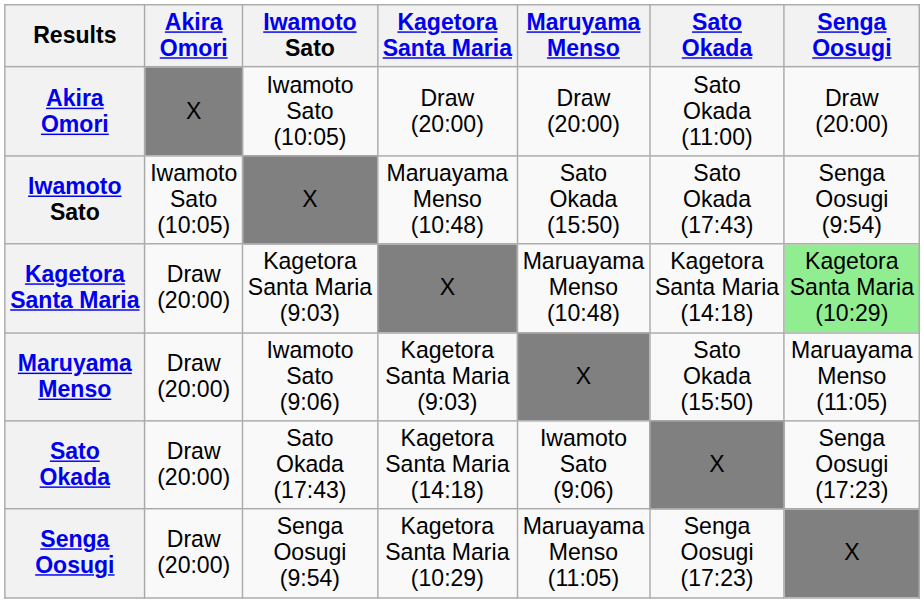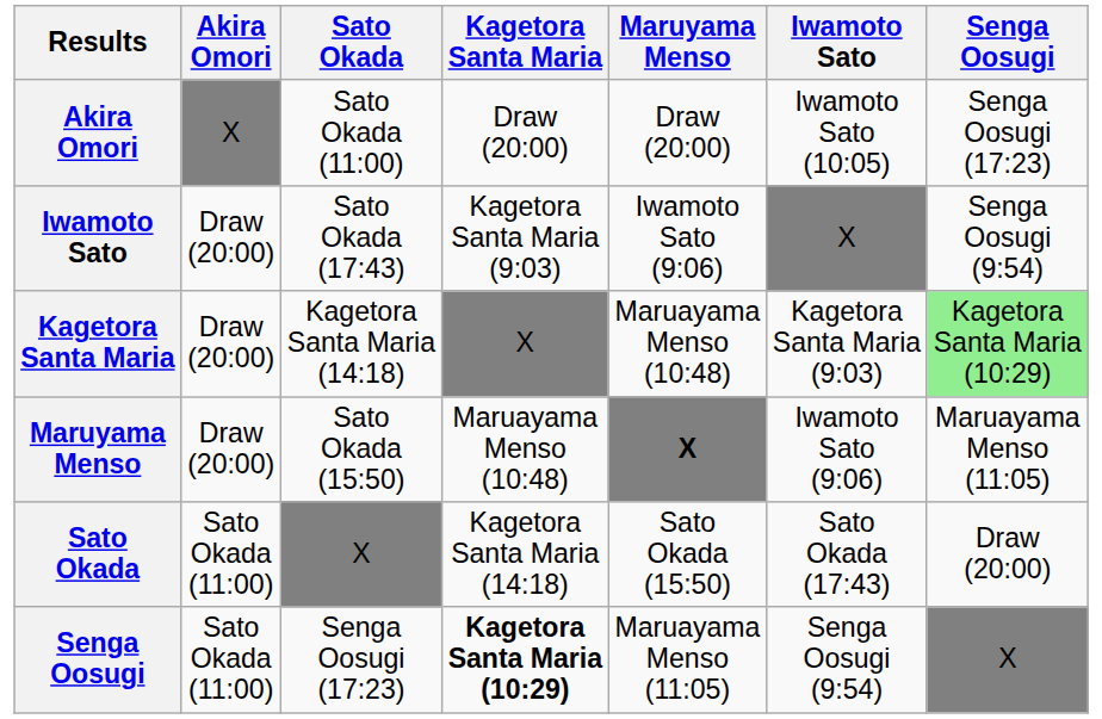 <table class="wikitable" style="text-align:center; margin: 1em auto 1em auto">
 <tr>
 <th>Results</th>
 <th><a href='#'>Akira</a><br><a href='#'>Omori</a></th>
-<th><a href='#'>Iwamoto</a><br>Sato</th>
+<th><a href='#'>Sato</a><br><a href='#'>Okada</a></th>
 <th><a href='#'>Kagetora</a><br><a href='#'>Santa Maria</a></th>
 <th><a href='#'>Maruyama</a><br><a href='#'>Menso</a></th>
-<th><a href='#'>Sato</a><br><a href='#'>Okada</a></th>
+<th><a href='#'>Iwamoto</a><br>Sato</th>
 <th><a href='#'>Senga</a><br><a href='#'>Oosugi</a></th>
 </tr>
 <tr>
 <th><a href='#'>Akira</a><br><a href='#'>Omori</a></th>
 <td bgcolor="grey">X</td>
-<td>Iwamoto<br>Sato<br>(10:05)</td>
+<td>Sato<br>Okada<br>(11:00)</td>
 <td>Draw<br>(20:00)</td>
 <td>Draw<br>(20:00)</td>
-<td>Sato<br>Okada<br>(11:00)</td>
-<td>Draw<br>(20:00)</td>
+<td>Iwamoto<br>Sato<br>(10:05)</td>
+<td>Senga<br>Oosugi<br>(17:23)</td>
 </tr>
 <tr>
 <th><a href='#'>Iwamoto</a><br>Sato</th>
-<td>Iwamoto<br>Sato<br>(10:05)</td>
+<td>Draw<br>(20:00)</td>
+<td>Sato<br>Okada<br>(17:43)</td>
+<td>Kagetora<br>Santa Maria<br>(9:03)</td>
+<td>Iwamoto<br>Sato<br>(9:06)</td>
 <td bgcolor="grey">X</td>
-<td>Maruayama<br>Menso<br>(10:48)</td>
-<td>Sato<br>Okada<br>(15:50)</td>
-<td>Sato<br>Okada<br>(17:43)</td>
 <td>Senga<br>Oosugi<br>(9:54)</td>
 </tr>
 <tr>
 <th><a href='#'>Kagetora</a><br><a href='#'>Santa Maria</a></th>
 <td>Draw<br>(20:00)</td>
-<td>Kagetora<br>Santa Maria<br>(9:03)</td>
+<td>Kagetora<br>Santa Maria<br>(14:18)</td>
 <td bgcolor="grey">X</td>
 <td>Maruayama<br>Menso<br>(10:48)</td>
-<td>Kagetora<br>Santa Maria<br>(14:18)</td>
+<td>Kagetora<br>Santa Maria<br>(9:03)</td>
 <td style="background: lightgreen;">Kagetora<br>Santa Maria<br>(10:29)</td>
 </tr>
 <tr>
 <th><a href='#'>Maruyama</a><br><a href='#'>Menso</a></th>
 <td>Draw<br>(20:00)</td>
+<td>Sato<br>Okada<br>(15:50)</td>
+<td>Maruayama<br>Menso<br>(10:48)</td>
+<td bgcolor="grey"><strong>X</strong></td>
 <td>Iwamoto<br>Sato<br>(9:06)</td>
-<td>Kagetora<br>Santa Maria<br>(9:03)</td>
-<td bgcolor="grey">X</td>
-<td>Sato<br>Okada<br>(15:50)</td>
 <td>Maruayama<br>Menso<br>(11:05)</td>
 </tr>
 <tr>
 <th><a href='#'>Sato</a><br><a href='#'>Okada</a></th>
+<td>Sato<br>Okada<br>(11:00)</td>
+<td bgcolor="grey">X</td>
+<td>Kagetora<br>Santa Maria<br>(14:18)</td>
+<td>Sato<br>Okada<br>(15:50)</td>
+<td>Sato<br>Okada<br>(17:43)</td>
 <td>Draw<br>(20:00)</td>
-<td>Sato<br>Okada<br>(17:43)</td>
-<td>Kagetora<br>Santa Maria<br>(14:18)</td>
-<td>Iwamoto<br>Sato<br>(9:06)</td>
-<td bgcolor="grey">X</td>
-<td>Senga<br>Oosugi<br>(17:23)</td>
 </tr>
 <tr>
 <th><a href='#'>Senga</a><br><a href='#'>Oosugi</a></th>
-<td>Draw<br>(20:00)</td>
+<td>Sato<br>Okada<br>(11:00)</td>
+<td>Senga<br>Oosugi<br>(17:23)</td>
+<td><strong>Kagetora<br>Santa Maria<br>(10:29)</strong></td>
+<td>Maruayama<br>Menso<br>(11:05)</td>
 <td>Senga<br>Oosugi<br>(9:54)</td>
-<td>Kagetora<br>Santa Maria<br>(10:29)</td>
-<td>Maruayama<br>Menso<br>(11:05)</td>
-<td>Senga<br>Oosugi<br>(17:23)</td>
 <td bgcolor="grey">X</td>
 </tr>
 </table>
